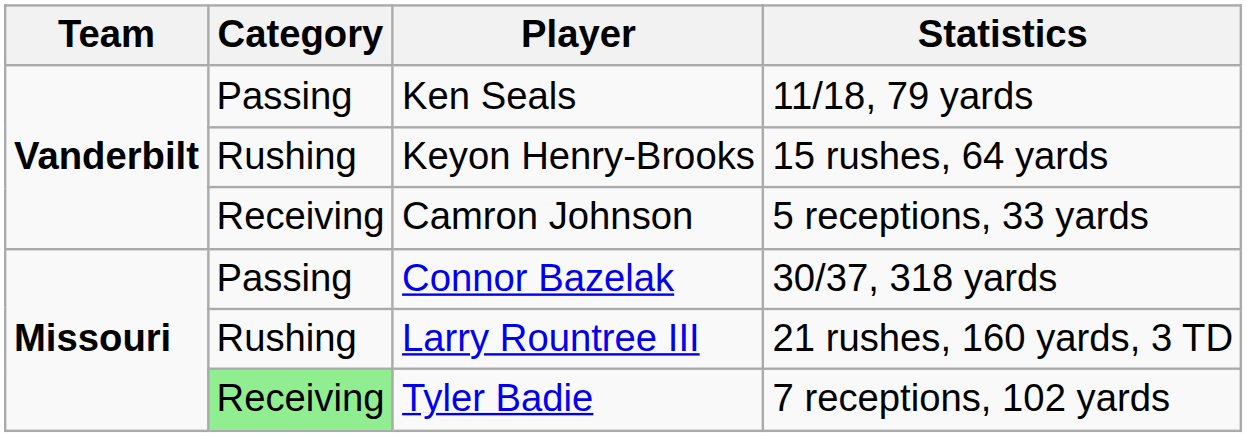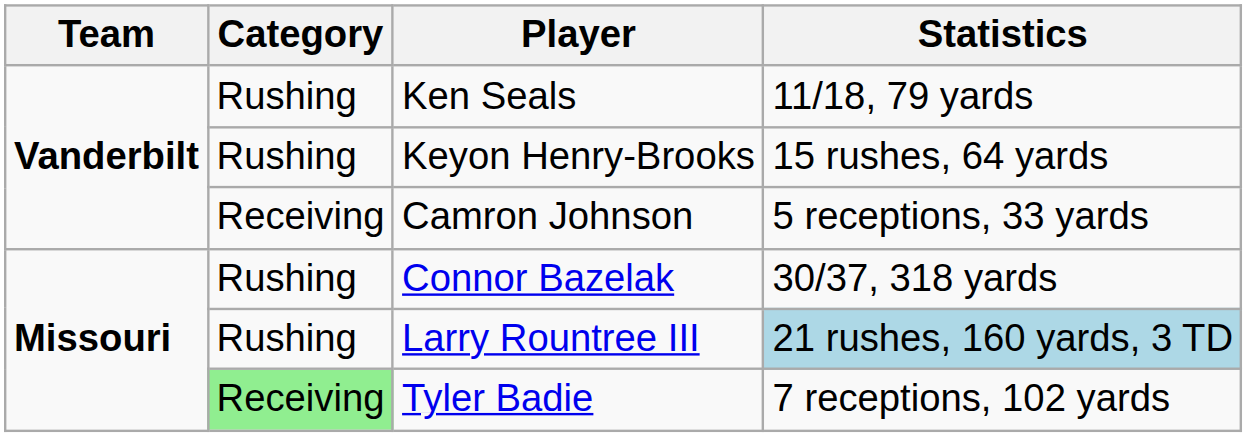 <table class="wikitable" style="float: left;">
 <tr>
 <th>Team</th>
 <th>Category</th>
 <th>Player</th>
 <th>Statistics</th>
 </tr>
 <tr>
 <td rowspan=3><strong>Vanderbilt</strong></td>
-<td>Passing</td>
+<td>Rushing</td>
 <td>Ken Seals</td>
 <td>11/18, 79 yards</td>
 </tr>
 <tr>
 <td>Rushing</td>
 <td>Keyon Henry-Brooks</td>
 <td>15 rushes, 64 yards</td>
 </tr>
 <tr>
 <td>Receiving</td>
 <td>Camron Johnson</td>
 <td>5 receptions, 33 yards</td>
 </tr>
 <tr>
 <td rowspan=3><strong>Missouri</strong></td>
-<td>Passing</td>
+<td>Rushing</td>
 <td><a href='#'>Connor Bazelak</a></td>
 <td>30/37, 318 yards</td>
 </tr>
 <tr>
 <td>Rushing</td>
 <td><a href='#'>Larry Rountree III</a></td>
-<td>21 rushes, 160 yards, 3 TD</td>
+<td style="background: lightblue;">21 rushes, 160 yards, 3 TD</td>
 </tr>
 <tr>
 <td style="background: lightgreen;">Receiving</td>
 <td><a href='#'>Tyler Badie</a></td>
 <td>7 receptions, 102 yards</td>
 </tr>
 </table>
